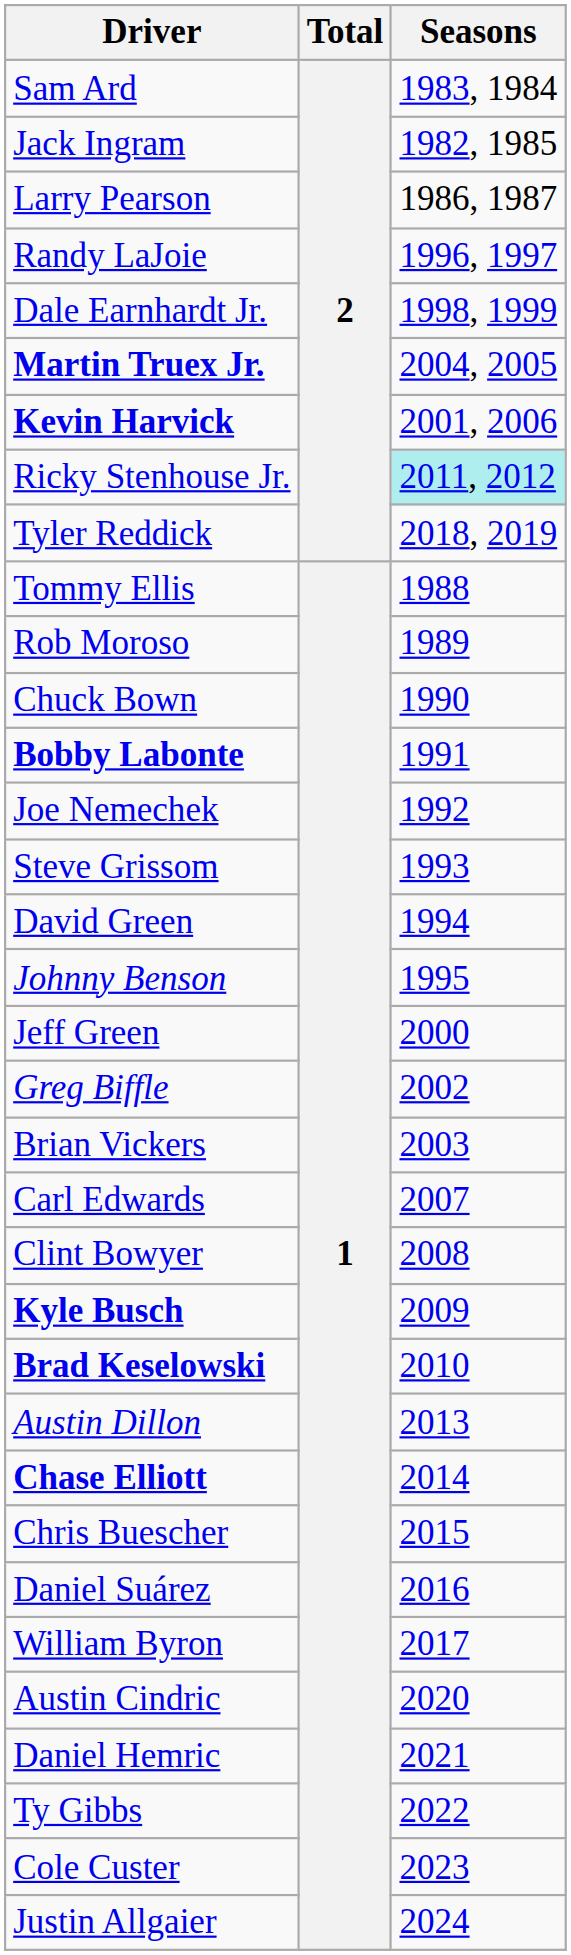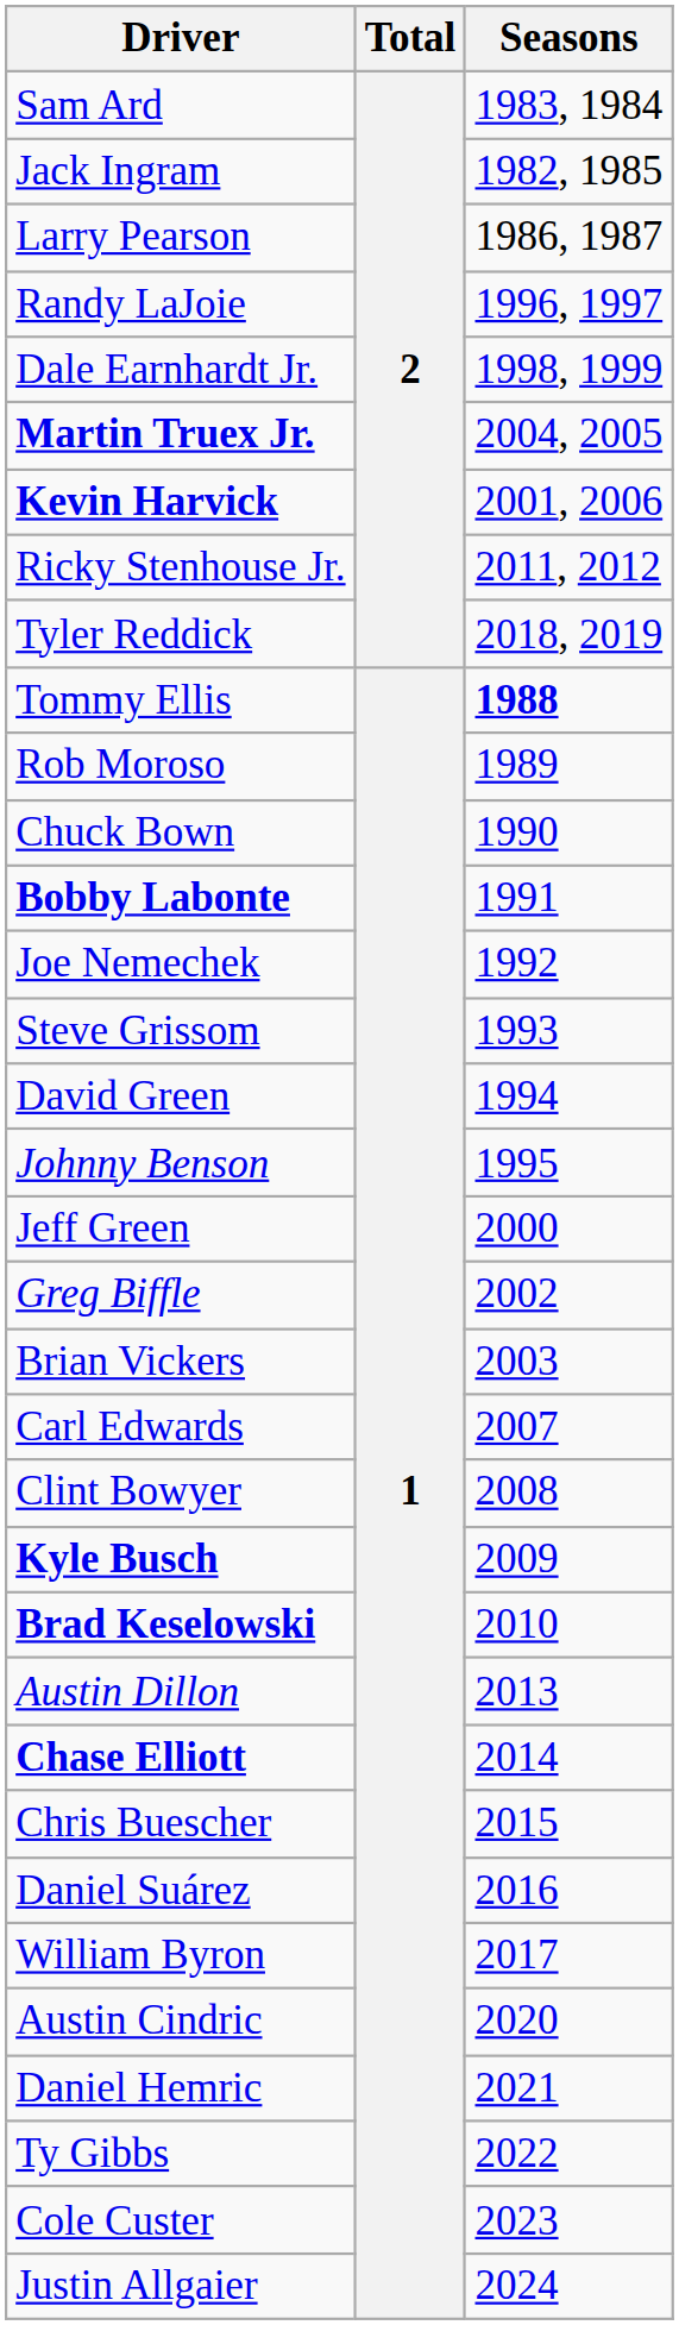 <table class="wikitable">
 <tr>
 <th>Driver</th>
 <th>Total</th>
 <th>Seasons</th>
 </tr>
 <tr>
 <td><a href='#'>Sam Ard</a></td>
 <th rowspan=9>2</th>
 <td><a href='#'>1983</a>, 1984</td>
 </tr>
 <tr>
 <td><a href='#'>Jack Ingram</a></td>
 <td><a href='#'>1982</a>, 1985</td>
 </tr>
 <tr>
 <td><a href='#'>Larry Pearson</a></td>
 <td>1986, 1987</td>
 </tr>
 <tr>
 <td><a href='#'>Randy LaJoie</a></td>
 <td><a href='#'>1996</a>, <a href='#'>1997</a></td>
 </tr>
 <tr>
 <td><a href='#'>Dale Earnhardt Jr.</a></td>
 <td><a href='#'>1998</a>, <a href='#'>1999</a></td>
 </tr>
 <tr>
 <td><strong><a href='#'>Martin Truex Jr.</a></strong></td>
 <td><a href='#'>2004</a>, <a href='#'>2005</a></td>
 </tr>
 <tr>
 <td><strong><a href='#'>Kevin Harvick</a></strong></td>
 <td><a href='#'>2001</a>, <a href='#'>2006</a></td>
 </tr>
 <tr>
 <td><a href='#'>Ricky Stenhouse Jr.</a></td>
-<td style="background: paleturquoise;"><a href='#'>2011</a>, <a href='#'>2012</a></td>
+<td><a href='#'>2011</a>, <a href='#'>2012</a></td>
 </tr>
 <tr>
 <td><a href='#'>Tyler Reddick</a></td>
 <td><a href='#'>2018</a>, <a href='#'>2019</a></td>
 </tr>
 <tr>
 <td><a href='#'>Tommy Ellis</a></td>
 <th rowspan=25>1</th>
-<td><a href='#'>1988</a></td>
+<td><strong><a href='#'>1988</a></strong></td>
 </tr>
 <tr>
 <td><a href='#'>Rob Moroso</a></td>
 <td><a href='#'>1989</a></td>
 </tr>
 <tr>
 <td><a href='#'>Chuck Bown</a></td>
 <td><a href='#'>1990</a></td>
 </tr>
 <tr>
 <td><strong><a href='#'>Bobby Labonte</a></strong></td>
 <td><a href='#'>1991</a></td>
 </tr>
 <tr>
 <td><a href='#'>Joe Nemechek</a></td>
 <td><a href='#'>1992</a></td>
 </tr>
 <tr>
 <td><a href='#'>Steve Grissom</a></td>
 <td><a href='#'>1993</a></td>
 </tr>
 <tr>
 <td><a href='#'>David Green</a></td>
 <td><a href='#'>1994</a></td>
 </tr>
 <tr>
 <td><em><a href='#'>Johnny Benson</a></em></td>
 <td><a href='#'>1995</a></td>
 </tr>
 <tr>
 <td><a href='#'>Jeff Green</a></td>
 <td><a href='#'>2000</a></td>
 </tr>
 <tr>
 <td><em><a href='#'>Greg Biffle</a></em></td>
 <td><a href='#'>2002</a></td>
 </tr>
 <tr>
 <td><a href='#'>Brian Vickers</a></td>
 <td><a href='#'>2003</a></td>
 </tr>
 <tr>
 <td><a href='#'>Carl Edwards</a></td>
 <td><a href='#'>2007</a></td>
 </tr>
 <tr>
 <td><a href='#'>Clint Bowyer</a></td>
 <td><a href='#'>2008</a></td>
 </tr>
 <tr>
 <td><strong><a href='#'>Kyle Busch</a></strong></td>
 <td><a href='#'>2009</a></td>
 </tr>
 <tr>
 <td><strong><a href='#'>Brad Keselowski</a></strong></td>
 <td><a href='#'>2010</a></td>
 </tr>
 <tr>
 <td><em><a href='#'>Austin Dillon</a></em></td>
 <td><a href='#'>2013</a></td>
 </tr>
 <tr>
 <td><strong><a href='#'>Chase Elliott</a></strong></td>
 <td><a href='#'>2014</a></td>
 </tr>
 <tr>
 <td><a href='#'>Chris Buescher</a></td>
 <td><a href='#'>2015</a></td>
 </tr>
 <tr>
 <td><a href='#'>Daniel Suárez</a></td>
 <td><a href='#'>2016</a></td>
 </tr>
 <tr>
 <td><a href='#'>William Byron</a></td>
 <td><a href='#'>2017</a></td>
 </tr>
 <tr>
 <td><a href='#'>Austin Cindric</a></td>
 <td><a href='#'>2020</a></td>
 </tr>
 <tr>
 <td><a href='#'>Daniel Hemric</a></td>
 <td><a href='#'>2021</a></td>
 </tr>
 <tr>
 <td><a href='#'>Ty Gibbs</a></td>
 <td><a href='#'>2022</a></td>
 </tr>
 <tr>
 <td><a href='#'>Cole Custer</a></td>
 <td><a href='#'>2023</a></td>
 </tr>
 <tr>
 <td><a href='#'>Justin Allgaier</a></td>
 <td><a href='#'>2024</a></td>
 </tr>
 </table>
